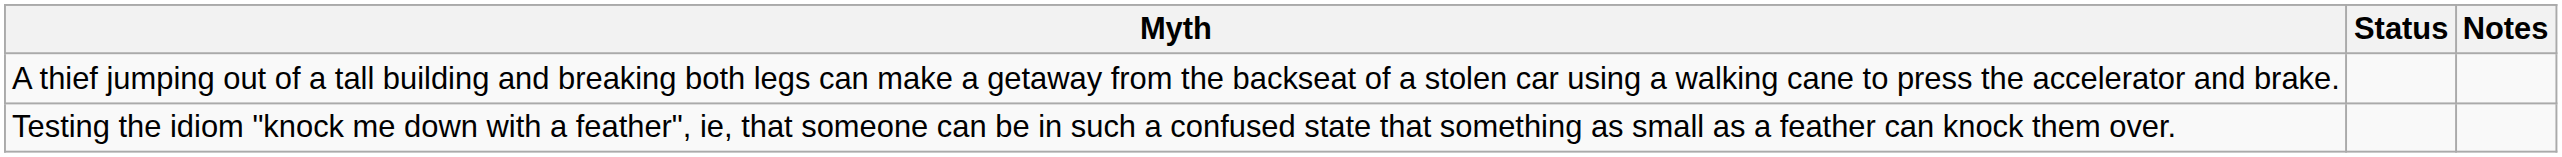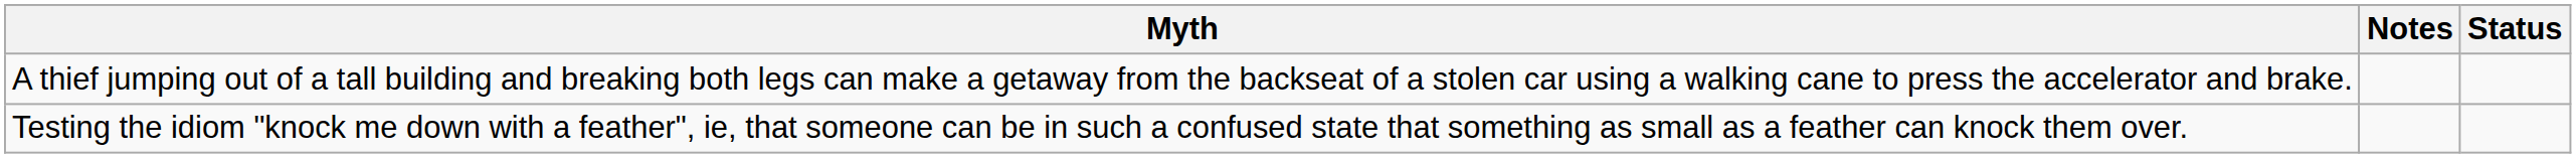 <table class="wikitable">
 <tr>
 <th>Myth</th>
+<th>Notes</th>
 <th>Status</th>
-<th>Notes</th>
 </tr>
 <tr>
 <td>A thief jumping out of a tall building and breaking both legs can make a getaway from the backseat of a stolen car using a walking cane to press the accelerator and brake.</td>
 <td></td>
 <td></td>
 </tr>
 <tr>
 <td>Testing the idiom "knock me down with a feather", ie, that someone can be in such a confused state that something as small as a feather can knock them over.</td>
 <td></td>
 <td></td>
 </tr>
 </table>
